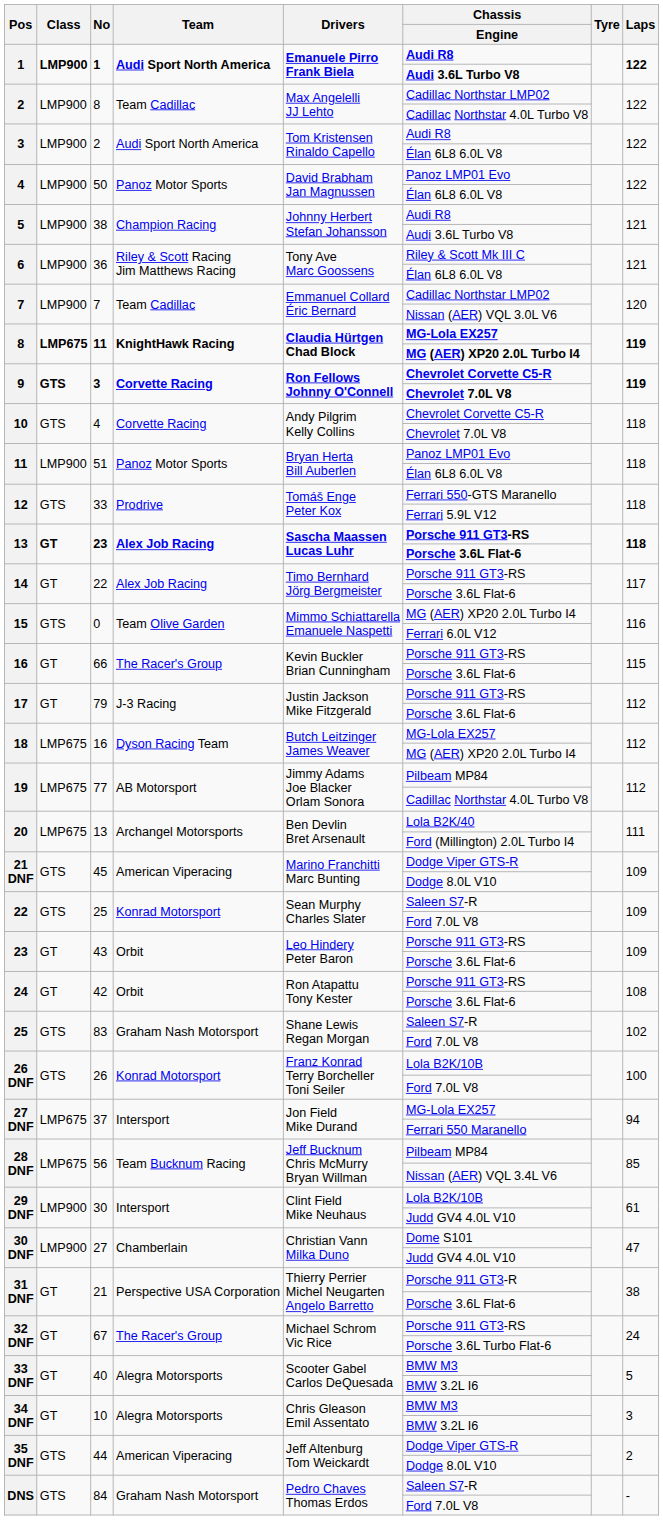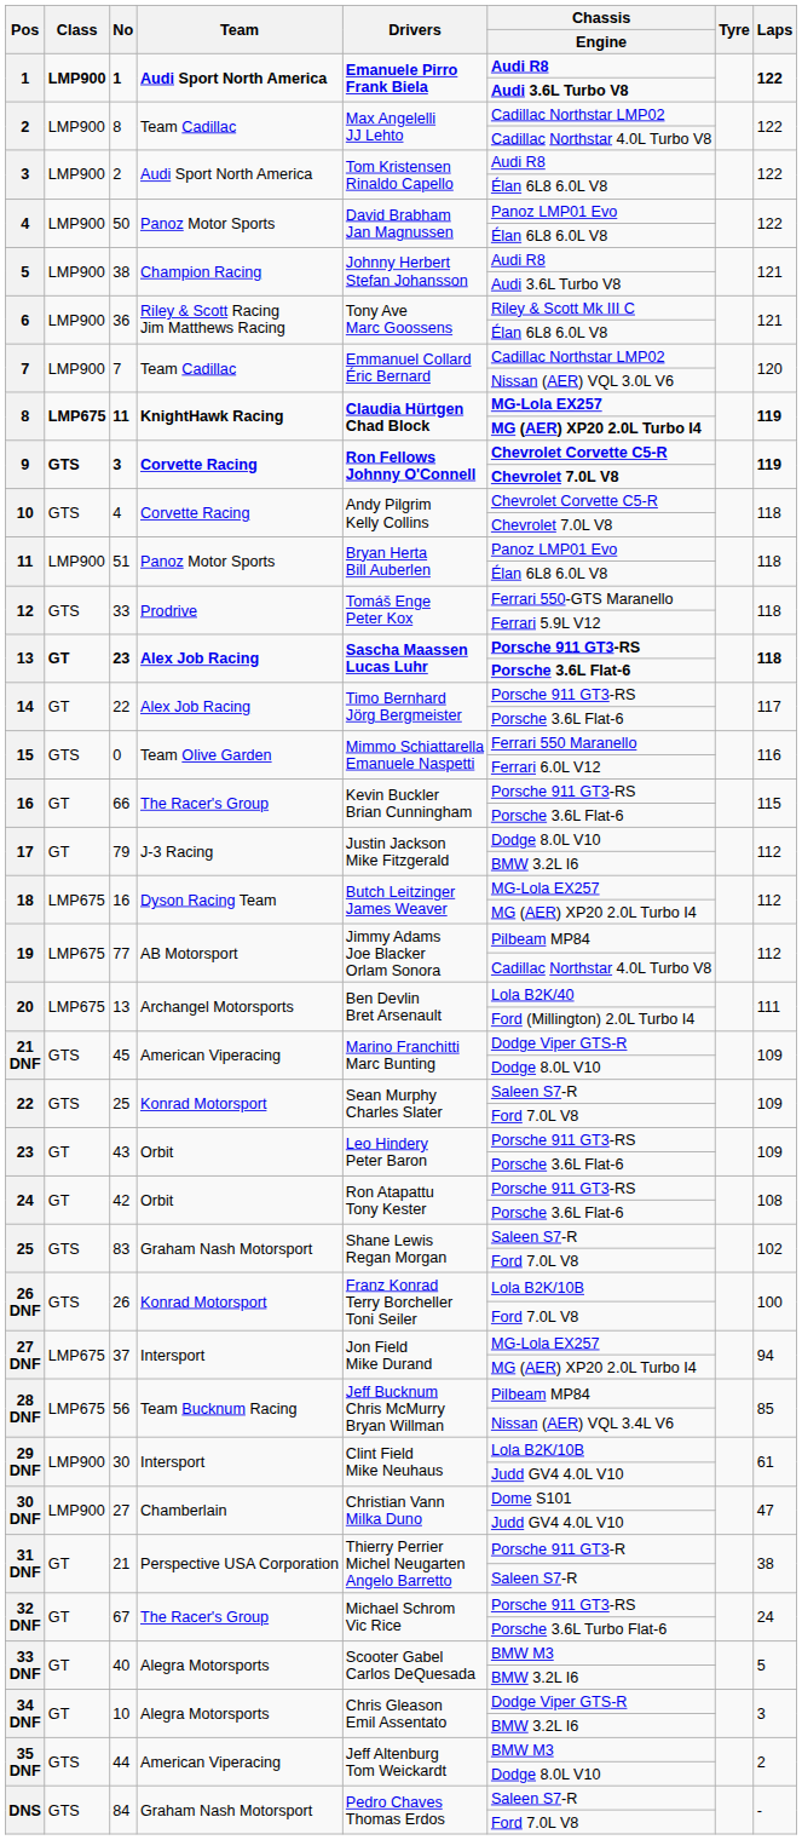 <table class="wikitable" style="font-size: 95%;">
 <tr>
 <th rowspan=2>Pos</th>
 <th rowspan=2>Class</th>
 <th rowspan=2>No</th>
 <th rowspan=2>Team</th>
 <th rowspan=2>Drivers</th>
 <th>Chassis</th>
 <th rowspan=2>Tyre</th>
 <th rowspan=2>Laps</th>
 </tr>
 <tr>
 <th>Engine</th>
 </tr>
 <tr style="font-weight:bold">
 <th rowspan=2>1</th>
 <td rowspan=2>LMP900</td>
 <td rowspan=2>1</td>
 <td rowspan=2> <a href='#'>Audi</a> Sport North America</td>
 <td rowspan=2> <a href='#'>Emanuele Pirro</a><br> <a href='#'>Frank Biela</a></td>
 <td><a href='#'>Audi R8</a></td>
 <td rowspan=2></td>
 <td rowspan=2>122</td>
 </tr>
 <tr style="font-weight:bold">
 <td><a href='#'>Audi</a> 3.6L Turbo V8</td>
 </tr>
 <tr>
 <th rowspan=2>2</th>
 <td rowspan=2>LMP900</td>
 <td rowspan=2>8</td>
 <td rowspan=2> Team <a href='#'>Cadillac</a></td>
 <td rowspan=2> <a href='#'>Max Angelelli</a><br> <a href='#'>JJ Lehto</a></td>
 <td><a href='#'>Cadillac Northstar LMP02</a></td>
 <td rowspan=2></td>
 <td rowspan=2>122</td>
 </tr>
 <tr>
 <td><a href='#'>Cadillac</a> <a href='#'>Northstar</a> 4.0L Turbo V8</td>
 </tr>
 <tr>
 <th rowspan=2>3</th>
 <td rowspan=2>LMP900</td>
 <td rowspan=2>2</td>
 <td rowspan=2> <a href='#'>Audi</a> Sport North America</td>
 <td rowspan=2> <a href='#'>Tom Kristensen</a><br> <a href='#'>Rinaldo Capello</a></td>
 <td><a href='#'>Audi R8</a></td>
 <td rowspan=2></td>
 <td rowspan=2>122</td>
 </tr>
 <tr>
 <td><a href='#'>Élan</a> 6L8 6.0L V8</td>
 </tr>
 <tr>
 <th rowspan=2>4</th>
 <td rowspan=2>LMP900</td>
 <td rowspan=2>50</td>
 <td rowspan=2> <a href='#'>Panoz</a> Motor Sports</td>
 <td rowspan=2> <a href='#'>David Brabham</a><br> <a href='#'>Jan Magnussen</a></td>
 <td><a href='#'>Panoz LMP01 Evo</a></td>
 <td rowspan=2></td>
 <td rowspan=2>122</td>
 </tr>
 <tr>
 <td><a href='#'>Élan</a> 6L8 6.0L V8</td>
 </tr>
 <tr>
 <th rowspan=2>5</th>
 <td rowspan=2>LMP900</td>
 <td rowspan=2>38</td>
 <td rowspan=2> <a href='#'>Champion Racing</a></td>
 <td rowspan=2> <a href='#'>Johnny Herbert</a><br> <a href='#'>Stefan Johansson</a></td>
 <td><a href='#'>Audi R8</a></td>
 <td rowspan=2></td>
 <td rowspan=2>121</td>
 </tr>
 <tr>
 <td><a href='#'>Audi</a> 3.6L Turbo V8</td>
 </tr>
 <tr>
 <th rowspan=2>6</th>
 <td rowspan=2>LMP900</td>
 <td rowspan=2>36</td>
 <td rowspan=2> <a href='#'>Riley & Scott</a> Racing<br> Jim Matthews Racing</td>
 <td rowspan=2> Tony Ave<br> <a href='#'>Marc Goossens</a></td>
 <td><a href='#'>Riley & Scott Mk III C</a></td>
 <td rowspan=2></td>
 <td rowspan=2>121</td>
 </tr>
 <tr>
 <td><a href='#'>Élan</a> 6L8 6.0L V8</td>
 </tr>
 <tr>
 <th rowspan=2>7</th>
 <td rowspan=2>LMP900</td>
 <td rowspan=2>7</td>
 <td rowspan=2> Team <a href='#'>Cadillac</a></td>
 <td rowspan=2> <a href='#'>Emmanuel Collard</a><br> <a href='#'>Éric Bernard</a></td>
 <td><a href='#'>Cadillac Northstar LMP02</a></td>
 <td rowspan=2></td>
 <td rowspan=2>120</td>
 </tr>
 <tr>
 <td><a href='#'>Nissan</a> (<a href='#'>AER</a>) VQL 3.0L V6</td>
 </tr>
 <tr style="font-weight:bold">
 <th rowspan=2>8</th>
 <td rowspan=2>LMP675</td>
 <td rowspan=2>11</td>
 <td rowspan=2> KnightHawk Racing</td>
 <td rowspan=2> <a href='#'>Claudia Hürtgen</a><br> Chad Block</td>
 <td><a href='#'>MG-Lola EX257</a></td>
 <td rowspan=2></td>
 <td rowspan=2>119</td>
 </tr>
 <tr style="font-weight:bold">
 <td><a href='#'>MG</a> (<a href='#'>AER</a>) XP20 2.0L Turbo I4</td>
 </tr>
 <tr style="font-weight:bold">
 <th rowspan=2>9</th>
 <td rowspan=2>GTS</td>
 <td rowspan=2>3</td>
 <td rowspan=2> <a href='#'>Corvette Racing</a></td>
 <td rowspan=2> <a href='#'>Ron Fellows</a><br> <a href='#'>Johnny O'Connell</a></td>
 <td><a href='#'>Chevrolet Corvette C5-R</a></td>
 <td rowspan=2></td>
 <td rowspan=2>119</td>
 </tr>
 <tr style="font-weight:bold">
 <td><a href='#'>Chevrolet</a> 7.0L V8</td>
 </tr>
 <tr>
 <th rowspan=2>10</th>
 <td rowspan=2>GTS</td>
 <td rowspan=2>4</td>
 <td rowspan=2> <a href='#'>Corvette Racing</a></td>
 <td rowspan=2> Andy Pilgrim<br> Kelly Collins</td>
 <td><a href='#'>Chevrolet Corvette C5-R</a></td>
 <td rowspan=2></td>
 <td rowspan=2>118</td>
 </tr>
 <tr>
 <td><a href='#'>Chevrolet</a> 7.0L V8</td>
 </tr>
 <tr>
 <th rowspan=2>11</th>
 <td rowspan=2>LMP900</td>
 <td rowspan=2>51</td>
 <td rowspan=2> <a href='#'>Panoz</a> Motor Sports</td>
 <td rowspan=2> <a href='#'>Bryan Herta</a><br> <a href='#'>Bill Auberlen</a></td>
 <td><a href='#'>Panoz LMP01 Evo</a></td>
 <td rowspan=2></td>
 <td rowspan=2>118</td>
 </tr>
 <tr>
 <td><a href='#'>Élan</a> 6L8 6.0L V8</td>
 </tr>
 <tr>
 <th rowspan=2>12</th>
 <td rowspan=2>GTS</td>
 <td rowspan=2>33</td>
 <td rowspan=2> <a href='#'>Prodrive</a></td>
 <td rowspan=2> <a href='#'>Tomáš Enge</a><br> <a href='#'>Peter Kox</a></td>
 <td><a href='#'>Ferrari 550</a>-GTS Maranello</td>
 <td rowspan=2></td>
 <td rowspan=2>118</td>
 </tr>
 <tr>
 <td><a href='#'>Ferrari</a> 5.9L V12</td>
 </tr>
 <tr style="font-weight:bold">
 <th rowspan=2>13</th>
 <td rowspan=2>GT</td>
 <td rowspan=2>23</td>
 <td rowspan=2> <a href='#'>Alex Job Racing</a></td>
 <td rowspan=2> <a href='#'>Sascha Maassen</a><br> <a href='#'>Lucas Luhr</a></td>
 <td><a href='#'>Porsche 911 GT3</a>-RS</td>
 <td rowspan=2></td>
 <td rowspan=2>118</td>
 </tr>
 <tr style="font-weight:bold">
 <td><a href='#'>Porsche</a> 3.6L Flat-6</td>
 </tr>
 <tr>
 <th rowspan=2>14</th>
 <td rowspan=2>GT</td>
 <td rowspan=2>22</td>
 <td rowspan=2> <a href='#'>Alex Job Racing</a></td>
 <td rowspan=2> <a href='#'>Timo Bernhard</a><br> <a href='#'>Jörg Bergmeister</a></td>
 <td><a href='#'>Porsche 911 GT3</a>-RS</td>
 <td rowspan=2></td>
 <td rowspan=2>117</td>
 </tr>
 <tr>
 <td><a href='#'>Porsche</a> 3.6L Flat-6</td>
 </tr>
 <tr>
 <th rowspan=2>15</th>
 <td rowspan=2>GTS</td>
 <td rowspan=2>0</td>
 <td rowspan=2> Team <a href='#'>Olive Garden</a></td>
 <td rowspan=2> <a href='#'>Mimmo Schiattarella</a><br> <a href='#'>Emanuele Naspetti</a></td>
-<td><a href='#'>MG</a> (<a href='#'>AER</a>) XP20 2.0L Turbo I4</td>
+<td><a href='#'>Ferrari 550 Maranello</a></td>
 <td rowspan=2></td>
 <td rowspan=2>116</td>
 </tr>
 <tr>
 <td><a href='#'>Ferrari</a> 6.0L V12</td>
 </tr>
 <tr>
 <th rowspan=2>16</th>
 <td rowspan=2>GT</td>
 <td rowspan=2>66</td>
 <td rowspan=2> <a href='#'>The Racer's Group</a></td>
 <td rowspan=2> Kevin Buckler<br> Brian Cunningham</td>
 <td><a href='#'>Porsche 911 GT3</a>-RS</td>
 <td rowspan=2></td>
 <td rowspan=2>115</td>
 </tr>
 <tr>
 <td><a href='#'>Porsche</a> 3.6L Flat-6</td>
 </tr>
 <tr>
 <th rowspan=2>17</th>
 <td rowspan=2>GT</td>
 <td rowspan=2>79</td>
 <td rowspan=2> J-3 Racing</td>
 <td rowspan=2> Justin Jackson<br> Mike Fitzgerald</td>
-<td><a href='#'>Porsche 911 GT3</a>-RS</td>
+<td><a href='#'>Dodge</a> 8.0L V10</td>
 <td rowspan=2></td>
 <td rowspan=2>112</td>
 </tr>
 <tr>
-<td><a href='#'>Porsche</a> 3.6L Flat-6</td>
+<td><a href='#'>BMW</a> 3.2L I6</td>
 </tr>
 <tr>
 <th rowspan=2>18</th>
 <td rowspan=2>LMP675</td>
 <td rowspan=2>16</td>
 <td rowspan=2> <a href='#'>Dyson Racing</a> Team</td>
 <td rowspan=2> <a href='#'>Butch Leitzinger</a><br> <a href='#'>James Weaver</a></td>
 <td><a href='#'>MG-Lola EX257</a></td>
 <td rowspan=2></td>
 <td rowspan=2>112</td>
 </tr>
 <tr>
 <td><a href='#'>MG</a> (<a href='#'>AER</a>) XP20 2.0L Turbo I4</td>
 </tr>
 <tr>
 <th rowspan=2>19</th>
 <td rowspan=2>LMP675</td>
 <td rowspan=2>77</td>
 <td rowspan=2> AB Motorsport</td>
 <td rowspan=2> Jimmy Adams<br> Joe Blacker<br> Orlam Sonora</td>
 <td><a href='#'>Pilbeam</a> MP84</td>
 <td rowspan=2></td>
 <td rowspan=2>112</td>
 </tr>
 <tr>
 <td><a href='#'>Cadillac</a> <a href='#'>Northstar</a> 4.0L Turbo V8</td>
 </tr>
 <tr>
 <th rowspan=2>20</th>
 <td rowspan=2>LMP675</td>
 <td rowspan=2>13</td>
 <td rowspan=2> Archangel Motorsports</td>
 <td rowspan=2> Ben Devlin<br> Bret Arsenault</td>
 <td><a href='#'>Lola B2K/40</a></td>
 <td rowspan=2></td>
 <td rowspan=2>111</td>
 </tr>
 <tr>
 <td><a href='#'>Ford</a> (Millington) 2.0L Turbo I4</td>
 </tr>
 <tr>
 <th rowspan=2>21<br>DNF</th>
 <td rowspan=2>GTS</td>
 <td rowspan=2>45</td>
 <td rowspan=2> American Viperacing</td>
 <td rowspan=2> <a href='#'>Marino Franchitti</a><br> Marc Bunting</td>
 <td><a href='#'>Dodge Viper GTS-R</a></td>
 <td rowspan=2></td>
 <td rowspan=2>109</td>
 </tr>
 <tr>
 <td><a href='#'>Dodge</a> 8.0L V10</td>
 </tr>
 <tr>
 <th rowspan=2>22</th>
 <td rowspan=2>GTS</td>
 <td rowspan=2>25</td>
 <td rowspan=2> <a href='#'>Konrad Motorsport</a></td>
 <td rowspan=2> Sean Murphy<br> Charles Slater</td>
 <td><a href='#'>Saleen S7</a>-R</td>
 <td rowspan=2></td>
 <td rowspan=2>109</td>
 </tr>
 <tr>
 <td><a href='#'>Ford</a> 7.0L V8</td>
 </tr>
 <tr>
 <th rowspan=2>23</th>
 <td rowspan=2>GT</td>
 <td rowspan=2>43</td>
 <td rowspan=2> Orbit</td>
 <td rowspan=2> <a href='#'>Leo Hindery</a><br> Peter Baron</td>
 <td><a href='#'>Porsche 911 GT3</a>-RS</td>
 <td rowspan=2></td>
 <td rowspan=2>109</td>
 </tr>
 <tr>
 <td><a href='#'>Porsche</a> 3.6L Flat-6</td>
 </tr>
 <tr>
 <th rowspan=2>24</th>
 <td rowspan=2>GT</td>
 <td rowspan=2>42</td>
 <td rowspan=2> Orbit</td>
 <td rowspan=2> Ron Atapattu<br> Tony Kester</td>
 <td><a href='#'>Porsche 911 GT3</a>-RS</td>
 <td rowspan=2></td>
 <td rowspan=2>108</td>
 </tr>
 <tr>
 <td><a href='#'>Porsche</a> 3.6L Flat-6</td>
 </tr>
 <tr>
 <th rowspan=2>25</th>
 <td rowspan=2>GTS</td>
 <td rowspan=2>83</td>
 <td rowspan=2> Graham Nash Motorsport</td>
 <td rowspan=2> Shane Lewis<br> Regan Morgan</td>
 <td><a href='#'>Saleen S7</a>-R</td>
 <td rowspan=2></td>
 <td rowspan=2>102</td>
 </tr>
 <tr>
 <td><a href='#'>Ford</a> 7.0L V8</td>
 </tr>
 <tr>
 <th rowspan=2>26<br>DNF</th>
 <td rowspan=2>GTS</td>
 <td rowspan=2>26</td>
 <td rowspan=2> <a href='#'>Konrad Motorsport</a></td>
 <td rowspan=2> <a href='#'>Franz Konrad</a><br> Terry Borcheller<br> Toni Seiler</td>
 <td><a href='#'>Lola B2K/10B</a></td>
 <td rowspan=2></td>
 <td rowspan=2>100</td>
 </tr>
 <tr>
 <td><a href='#'>Ford</a> 7.0L V8</td>
 </tr>
 <tr>
 <th rowspan=2>27<br>DNF</th>
 <td rowspan=2>LMP675</td>
 <td rowspan=2>37</td>
 <td rowspan=2> Intersport</td>
 <td rowspan=2> Jon Field<br> Mike Durand</td>
 <td><a href='#'>MG-Lola EX257</a></td>
 <td rowspan=2></td>
 <td rowspan=2>94</td>
 </tr>
 <tr>
-<td><a href='#'>Ferrari 550 Maranello</a></td>
+<td><a href='#'>MG</a> (<a href='#'>AER</a>) XP20 2.0L Turbo I4</td>
 </tr>
 <tr>
 <th rowspan=2>28<br>DNF</th>
 <td rowspan=2>LMP675</td>
 <td rowspan=2>56</td>
 <td rowspan=2> Team <a href='#'>Bucknum</a> Racing</td>
 <td rowspan=2> <a href='#'>Jeff Bucknum</a><br> Chris McMurry<br> Bryan Willman</td>
 <td><a href='#'>Pilbeam</a> MP84</td>
 <td rowspan=2></td>
 <td rowspan=2>85</td>
 </tr>
 <tr>
 <td><a href='#'>Nissan</a> (<a href='#'>AER</a>) VQL 3.4L V6</td>
 </tr>
 <tr>
 <th rowspan=2>29<br>DNF</th>
 <td rowspan=2>LMP900</td>
 <td rowspan=2>30</td>
 <td rowspan=2> Intersport</td>
 <td rowspan=2> Clint Field<br> Mike Neuhaus</td>
 <td><a href='#'>Lola B2K/10B</a></td>
 <td rowspan=2></td>
 <td rowspan=2>61</td>
 </tr>
 <tr>
 <td><a href='#'>Judd</a> GV4 4.0L V10</td>
 </tr>
 <tr>
 <th rowspan=2>30<br>DNF</th>
 <td rowspan=2>LMP900</td>
 <td rowspan=2>27</td>
 <td rowspan=2> Chamberlain</td>
 <td rowspan=2> Christian Vann<br> <a href='#'>Milka Duno</a></td>
 <td><a href='#'>Dome</a> S101</td>
 <td rowspan=2></td>
 <td rowspan=2>47</td>
 </tr>
 <tr>
 <td><a href='#'>Judd</a> GV4 4.0L V10</td>
 </tr>
 <tr>
 <th rowspan=2>31<br>DNF</th>
 <td rowspan=2>GT</td>
 <td rowspan=2>21</td>
 <td rowspan=2> Perspective USA Corporation</td>
 <td rowspan=2> Thierry Perrier<br> Michel Neugarten<br> <a href='#'>Angelo Barretto</a></td>
 <td><a href='#'>Porsche 911 GT3</a>-R</td>
 <td rowspan=2></td>
 <td rowspan=2>38</td>
 </tr>
 <tr>
-<td><a href='#'>Porsche</a> 3.6L Flat-6</td>
+<td><a href='#'>Saleen S7</a>-R</td>
 </tr>
 <tr>
 <th rowspan=2>32<br>DNF</th>
 <td rowspan=2>GT</td>
 <td rowspan=2>67</td>
 <td rowspan=2> <a href='#'>The Racer's Group</a></td>
 <td rowspan=2> Michael Schrom<br> Vic Rice</td>
 <td><a href='#'>Porsche 911 GT3</a>-RS</td>
 <td rowspan=2></td>
 <td rowspan=2>24</td>
 </tr>
 <tr>
 <td><a href='#'>Porsche</a> 3.6L Turbo Flat-6</td>
 </tr>
 <tr>
 <th rowspan=2>33<br>DNF</th>
 <td rowspan=2>GT</td>
 <td rowspan=2>40</td>
 <td rowspan=2> Alegra Motorsports</td>
 <td rowspan=2> Scooter Gabel<br> Carlos DeQuesada</td>
 <td><a href='#'>BMW M3</a></td>
 <td rowspan=2></td>
 <td rowspan=2>5</td>
 </tr>
 <tr>
 <td><a href='#'>BMW</a> 3.2L I6</td>
 </tr>
 <tr>
 <th rowspan=2>34<br>DNF</th>
 <td rowspan=2>GT</td>
 <td rowspan=2>10</td>
 <td rowspan=2> Alegra Motorsports</td>
 <td rowspan=2> Chris Gleason<br> Emil Assentato</td>
-<td><a href='#'>BMW M3</a></td>
+<td><a href='#'>Dodge Viper GTS-R</a></td>
 <td rowspan=2></td>
 <td rowspan=2>3</td>
 </tr>
 <tr>
 <td><a href='#'>BMW</a> 3.2L I6</td>
 </tr>
 <tr>
 <th rowspan=2>35<br>DNF</th>
 <td rowspan=2>GTS</td>
 <td rowspan=2>44</td>
 <td rowspan=2> American Viperacing</td>
 <td rowspan=2> Jeff Altenburg<br> Tom Weickardt</td>
-<td><a href='#'>Dodge Viper GTS-R</a></td>
+<td><a href='#'>BMW M3</a></td>
 <td rowspan=2></td>
 <td rowspan=2>2</td>
 </tr>
 <tr>
 <td><a href='#'>Dodge</a> 8.0L V10</td>
 </tr>
 <tr>
 <th rowspan=2>DNS</th>
 <td rowspan=2>GTS</td>
 <td rowspan=2>84</td>
 <td rowspan=2> Graham Nash Motorsport</td>
 <td rowspan=2> <a href='#'>Pedro Chaves</a><br> Thomas Erdos</td>
 <td><a href='#'>Saleen S7</a>-R</td>
 <td rowspan=2></td>
 <td rowspan=2>-</td>
 </tr>
 <tr>
 <td><a href='#'>Ford</a> 7.0L V8</td>
 </tr>
 </table>
